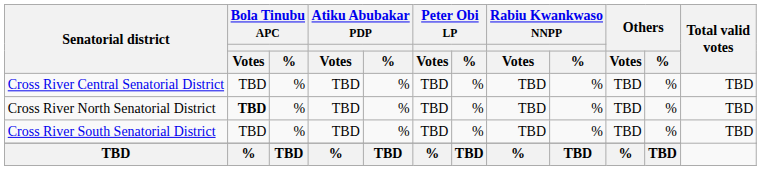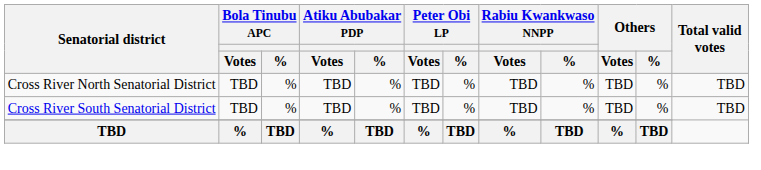 <table class="wikitable sortable" style="text-align:right; font-size:90%">
 <tr>
 <th rowspan="3" style="max-width:7.5em;">Senatorial district</th>
 <th colspan="2"><a href='#'>Bola Tinubu</a><br><small>APC</small></th>
 <th colspan="2"><a href='#'>Atiku Abubakar</a><br><small>PDP</small></th>
 <th colspan="2"><a href='#'>Peter Obi</a><br><small>LP</small></th>
 <th colspan="2"><a href='#'>Rabiu Kwankwaso</a><br><small>NNPP</small></th>
 <th colspan="2" rowspan="2">Others</th>
 <th rowspan="3" style="max-width:5em;">Total valid votes</th>
 </tr>
 <tr>
 <th colspan=2 style="background-color:"></th>
 <th colspan=2 style="background-color:"></th>
 <th colspan=2 style="background-color:"></th>
 <th colspan=2 style="background-color:"></th>
 </tr>
 <tr>
 <th>Votes</th>
 <th>%</th>
 <th>Votes</th>
 <th>%</th>
 <th>Votes</th>
 <th>%</th>
 <th>Votes</th>
 <th>%</th>
 <th>Votes</th>
 <th>%</th>
 </tr>
 <tr style="background-color:#">
-<td style="text-align:left;"><a href='#'>Cross River Central Senatorial District</a></td>
+<td style="text-align:left;">Cross River North Senatorial District</td>
 <td>TBD</td>
-<td>%</td>
-<td>TBD</td>
-<td>%</td>
-<td>TBD</td>
-<td>%</td>
-<td>TBD</td>
-<td>%</td>
-<td>TBD</td>
-<td>%</td>
-<td>TBD</td>
-</tr>
-<tr style="background-color:#">
-<td style="text-align:left;">Cross River North Senatorial District</td>
-<td><strong>TBD</strong></td>
 <td>%</td>
 <td>TBD</td>
 <td>%</td>
 <td>TBD</td>
 <td>%</td>
 <td>TBD</td>
 <td>%</td>
 <td>TBD</td>
 <td>%</td>
 <td>TBD</td>
 </tr>
 <tr style="background-color:#">
 <td style="text-align:left;"><a href='#'>Cross River South Senatorial District</a></td>
 <td>TBD</td>
 <td>%</td>
 <td>TBD</td>
 <td>%</td>
 <td>TBD</td>
 <td>%</td>
 <td>TBD</td>
 <td>%</td>
 <td>TBD</td>
 <td>%</td>
 <td>TBD</td>
 </tr>
 <tr>
 </tr>
 <tr>
 <th>TBD</th>
 <th>%</th>
 <th>TBD</th>
 <th>%</th>
 <th>TBD</th>
 <th>%</th>
 <th>TBD</th>
 <th>%</th>
 <th>TBD</th>
 <th>%</th>
 <th>TBD</th>
 </tr>
 </table>
